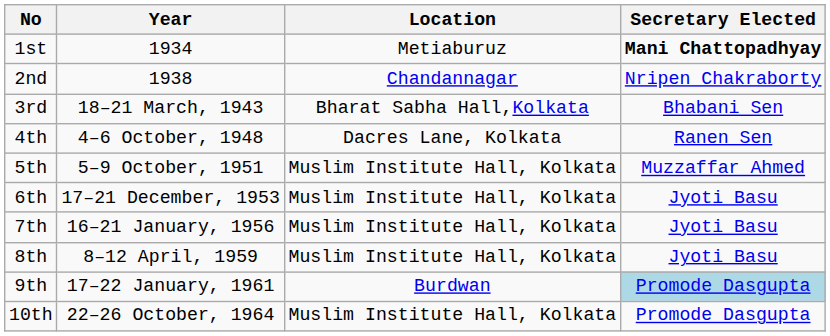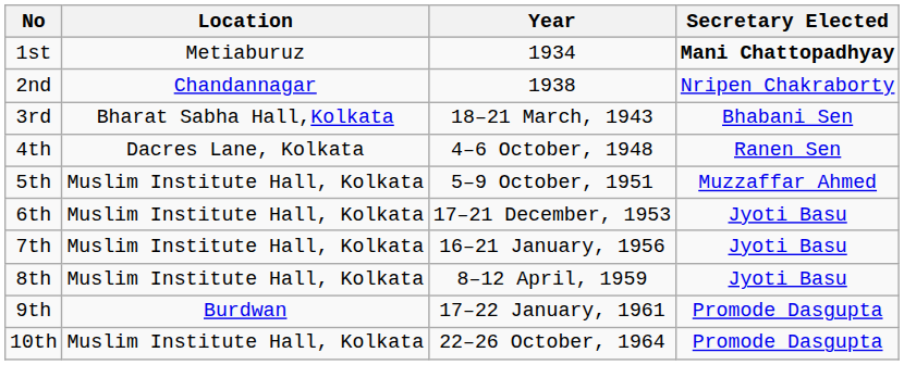 <table class ="wikitable" style="text-align:center">
 <tr>
 <th Style="background-color:">No</th>
+<th Style="background-color:">Location</th>
 <th Style="background-color:">Year</th>
-<th Style="background-color:">Location</th>
 <th Style="background-color:">Secretary Elected</th>
 </tr>
 <tr>
 <td>1st</td>
+<td>Metiaburuz</td>
 <td>1934</td>
-<td>Metiaburuz</td>
 <td><strong>Mani Chattopadhyay</strong></td>
 </tr>
 <tr>
 <td>2nd</td>
+<td><a href='#'>Chandannagar</a></td>
 <td>1938</td>
-<td><a href='#'>Chandannagar</a></td>
 <td><a href='#'>Nripen Chakraborty</a></td>
 </tr>
 <tr>
 <td>3rd</td>
+<td>Bharat Sabha Hall,<a href='#'>Kolkata</a></td>
 <td>18–21 March, 1943</td>
-<td>Bharat Sabha Hall,<a href='#'>Kolkata</a></td>
 <td><a href='#'>Bhabani Sen</a></td>
 </tr>
 <tr>
 <td>4th</td>
+<td>Dacres Lane, Kolkata</td>
 <td>4–6 October, 1948</td>
-<td>Dacres Lane, Kolkata</td>
 <td><a href='#'>Ranen Sen</a></td>
 </tr>
 <tr>
 <td>5th</td>
+<td>Muslim Institute Hall, Kolkata</td>
 <td>5–9 October, 1951</td>
-<td>Muslim Institute Hall, Kolkata</td>
 <td><a href='#'>Muzzaffar Ahmed</a></td>
 </tr>
 <tr>
 <td>6th</td>
+<td>Muslim Institute Hall, Kolkata</td>
 <td>17–21 December, 1953</td>
-<td>Muslim Institute Hall, Kolkata</td>
 <td><a href='#'>Jyoti Basu</a></td>
 </tr>
 <tr>
 <td>7th</td>
+<td>Muslim Institute Hall, Kolkata</td>
 <td>16–21 January, 1956</td>
-<td>Muslim Institute Hall, Kolkata</td>
 <td><a href='#'>Jyoti Basu</a></td>
 </tr>
 <tr>
 <td>8th</td>
+<td>Muslim Institute Hall, Kolkata</td>
 <td>8–12 April, 1959</td>
-<td>Muslim Institute Hall, Kolkata</td>
 <td><a href='#'>Jyoti Basu</a></td>
 </tr>
 <tr>
 <td>9th</td>
+<td><a href='#'>Burdwan</a></td>
 <td>17–22 January, 1961</td>
-<td><a href='#'>Burdwan</a></td>
-<td style="background: lightblue;"><a href='#'>Promode Dasgupta</a></td>
+<td><a href='#'>Promode Dasgupta</a></td>
 </tr>
 <tr>
 <td>10th</td>
+<td>Muslim Institute Hall, Kolkata</td>
 <td>22–26 October, 1964</td>
-<td>Muslim Institute Hall, Kolkata</td>
 <td><a href='#'>Promode Dasgupta</a></td>
 </tr>
 </table>
